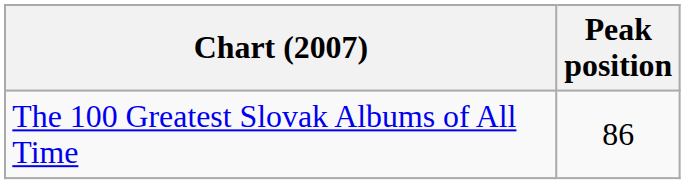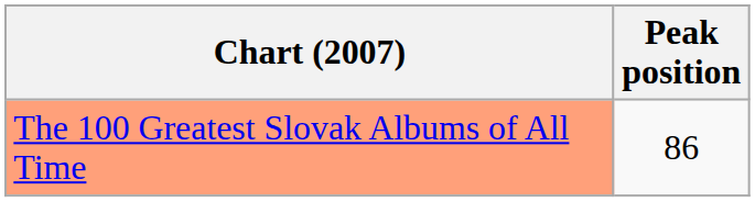 <table class="wikitable">
 <tr>
 <th width="270">Chart (2007)</th>
 <th>Peak<br>position</th>
 </tr>
 <tr>
-<td><a href='#'>The 100 Greatest Slovak Albums of All Time</a></td>
+<td style="background: lightsalmon;"><a href='#'>The 100 Greatest Slovak Albums of All Time</a></td>
 <td align="center">86</td>
 </tr>
 </table>
